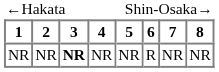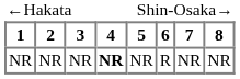 <table cellspacing=0 cellpadding=2>
 <tr>
 <td colspan=4 style="text-align:left">←Hakata</td>
 <td colspan=4 style="text-align:right">Shin-Osaka→</td>
 </tr>
 <tr>
 <th style="border-top:solid 2px gray;border-left:solid 2px gray;border-right:solid 2px gray;">1</th>
 <th style="border-top:solid 2px gray;border-right:solid 2px gray;">2</th>
 <th style="border-top:solid 2px gray;border-right:solid 2px gray;">3</th>
 <th style="border-top:solid 2px gray;border-right:solid 2px gray;">4</th>
 <th style="border-top:solid 2px gray;border-right:solid 2px gray;">5</th>
 <th style="border-top:solid 2px gray;border-right:solid 2px gray;">6</th>
 <th style="border-top:solid 2px gray;border-right:solid 2px gray;">7</th>
 <th style="border-top:solid 2px gray;border-right:solid 2px gray;">8</th>
 </tr>
 <tr style="text-align:center;">
 <td style="border:solid 2px gray; bgcolor=white;">NR</td>
 <td style="border-top:solid 2px gray;border-bottom:solid 2px gray;border-right:solid 2px gray; background:white;">NR</td>
+<td style="border-top:solid 2px gray;border-bottom:solid 2px gray;border-right:solid 2px gray; background:white;">NR</td>
 <td style="border-top:solid 2px gray;border-bottom:solid 2px gray;border-right:solid 2px gray; background:white;"><strong>NR</strong></td>
-<td style="border-top:solid 2px gray;border-bottom:solid 2px gray;border-right:solid 2px gray; background:white;">NR</td>
 <td style="border-top:solid 2px gray;border-bottom:solid 2px gray;border-right:solid 2px gray; background:white;">NR</td>
 <td style="border-top:solid 2px gray;border-bottom:solid 2px gray;border-right:solid 2px gray; background:white;">R</td>
 <td style="border-top:solid 2px gray;border-bottom:solid 2px gray;border-right:solid 2px gray; background:white;">NR</td>
 <td style="border-top:solid 2px gray;border-bottom:solid 2px gray;border-right:solid 2px gray; background:white;">NR</td>
 </tr>
 </table>
